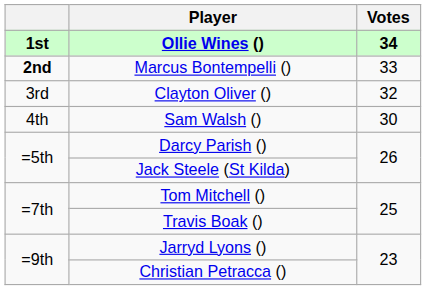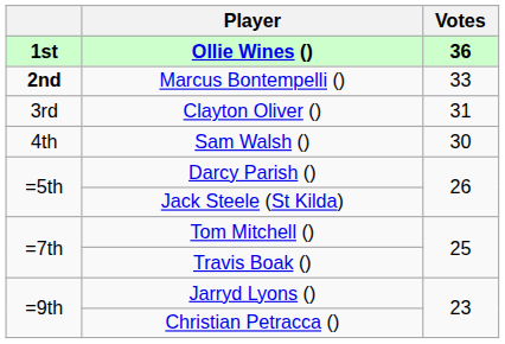 <table class="wikitable" style="text-align: center; font-size: 90%; margin: 1em auto;">
 <tr>
 <th style="width:50px;"></th>
 <th style="width:250px;">Player</th>
 <th style="width:50px;">Votes</th>
 </tr>
 <tr style="background:#cfc;">
 <td><strong>1st</strong></td>
 <td><strong><a href='#'>Ollie Wines</a> ()</strong></td>
-<td><strong>34</strong></td>
+<td><strong>36</strong></td>
 </tr>
 <tr>
 <td><strong>2nd</strong></td>
 <td><a href='#'>Marcus Bontempelli</a> ()</td>
 <td>33</td>
 </tr>
 <tr>
 <td>3rd</td>
 <td><a href='#'>Clayton Oliver</a> ()</td>
-<td>32</td>
+<td>31</td>
 </tr>
 <tr>
 <td>4th</td>
 <td><a href='#'>Sam Walsh</a> ()</td>
 <td>30</td>
 </tr>
 <tr>
 <td rowspan=2>=5th</td>
 <td><a href='#'>Darcy Parish</a> ()</td>
 <td rowspan="2">26</td>
 </tr>
 <tr>
 <td><a href='#'>Jack Steele</a> (<a href='#'>St Kilda</a>)</td>
 </tr>
 <tr>
 <td rowspan=2>=7th</td>
 <td><a href='#'>Tom Mitchell</a> ()</td>
 <td rowspan="2">25</td>
 </tr>
 <tr>
 <td><a href='#'>Travis Boak</a> ()</td>
 </tr>
 <tr>
 <td rowspan=2>=9th</td>
 <td><a href='#'>Jarryd Lyons</a> ()</td>
 <td rowspan="2">23</td>
 </tr>
 <tr>
 <td><a href='#'>Christian Petracca</a> ()</td>
 </tr>
 </table>
